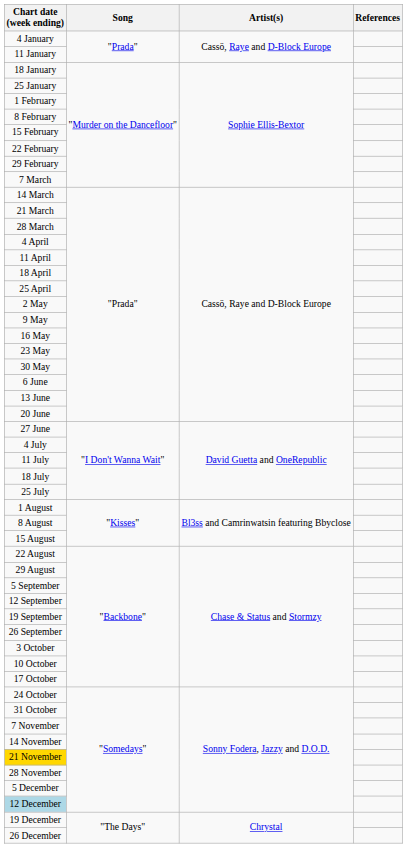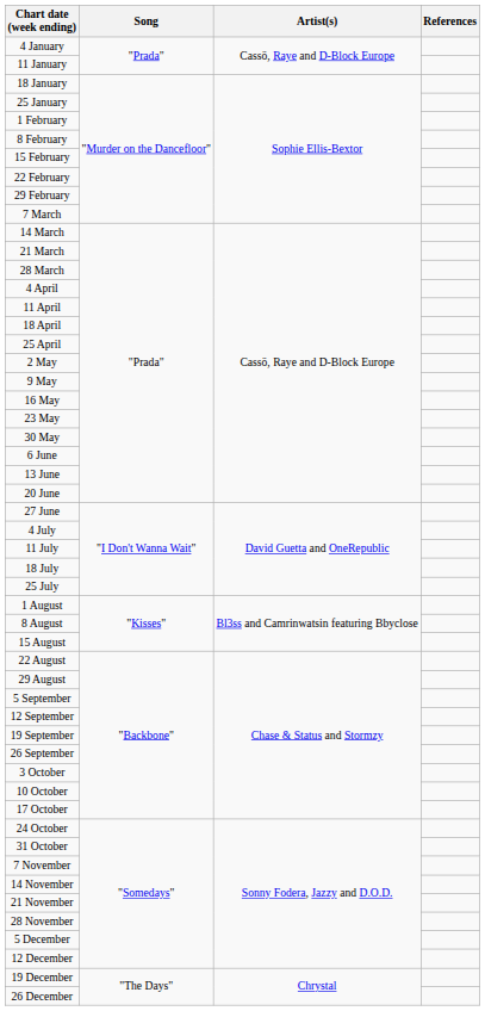 <table class="wikitable" style="font-size:97%; text-align:center;">
 <tr>
 <th>Chart date<br>(week ending)</th>
 <th>Song</th>
 <th>Artist(s)</th>
 <th>References</th>
 </tr>
 <tr>
 <td>4 January</td>
 <td rowspan=2>"<a href='#'>Prada</a>"</td>
 <td rowspan=2>Cassö, <a href='#'>Raye</a> and <a href='#'>D-Block Europe</a></td>
 <td></td>
 </tr>
 <tr>
 <td>11 January</td>
 <td></td>
 </tr>
 <tr>
 <td>18 January</td>
 <td rowspan=8>"<a href='#'>Murder on the Dancefloor</a>"</td>
 <td rowspan=8><a href='#'>Sophie Ellis-Bextor</a></td>
 <td></td>
 </tr>
 <tr>
 <td>25 January</td>
 <td></td>
 </tr>
 <tr>
 <td>1 February</td>
 <td></td>
 </tr>
 <tr>
 <td>8 February</td>
 <td></td>
 </tr>
 <tr>
 <td>15 February</td>
 <td></td>
 </tr>
 <tr>
 <td>22 February</td>
 <td></td>
 </tr>
 <tr>
 <td>29 February</td>
 <td></td>
 </tr>
 <tr>
 <td>7 March</td>
 <td></td>
 </tr>
 <tr>
 <td>14 March</td>
 <td rowspan=15>"Prada"</td>
 <td rowspan=15>Cassö, Raye and D-Block Europe</td>
 <td></td>
 </tr>
 <tr>
 <td>21 March</td>
 <td></td>
 </tr>
 <tr>
 <td>28 March</td>
 <td></td>
 </tr>
 <tr>
 <td>4 April</td>
 <td></td>
 </tr>
 <tr>
 <td>11 April</td>
 <td></td>
 </tr>
 <tr>
 <td>18 April</td>
 <td></td>
 </tr>
 <tr>
 <td>25 April</td>
 <td></td>
 </tr>
 <tr>
 <td>2 May</td>
 <td></td>
 </tr>
 <tr>
 <td>9 May</td>
 <td></td>
 </tr>
 <tr>
 <td>16 May</td>
 <td></td>
 </tr>
 <tr>
 <td>23 May</td>
 <td></td>
 </tr>
 <tr>
 <td>30 May</td>
 <td></td>
 </tr>
 <tr>
 <td>6 June</td>
 <td></td>
 </tr>
 <tr>
 <td>13 June</td>
 <td></td>
 </tr>
 <tr>
 <td>20 June</td>
 <td></td>
 </tr>
 <tr>
 <td>27 June</td>
 <td rowspan=5>"<a href='#'>I Don't Wanna Wait</a>"</td>
 <td rowspan=5><a href='#'>David Guetta</a> and <a href='#'>OneRepublic</a></td>
 <td></td>
 </tr>
 <tr>
 <td>4 July</td>
 <td></td>
 </tr>
 <tr>
 <td>11 July</td>
 <td></td>
 </tr>
 <tr>
 <td>18 July</td>
 <td></td>
 </tr>
 <tr>
 <td>25 July</td>
 <td></td>
 </tr>
 <tr>
 <td>1 August</td>
 <td rowspan=3>"<a href='#'>Kisses</a>"</td>
 <td rowspan=3><a href='#'>Bl3ss</a> and Camrinwatsin featuring Bbyclose</td>
 <td></td>
 </tr>
 <tr>
 <td>8 August</td>
 <td></td>
 </tr>
 <tr>
 <td>15 August</td>
 <td></td>
 </tr>
 <tr>
 <td>22 August </td>
 <td rowspan=9>"<a href='#'>Backbone</a>"</td>
 <td rowspan=9><a href='#'>Chase & Status</a> and <a href='#'>Stormzy</a></td>
 <td></td>
 </tr>
 <tr>
 <td>29 August </td>
 <td></td>
 </tr>
 <tr>
 <td>5 September</td>
 <td></td>
 </tr>
 <tr>
 <td>12 September</td>
 <td></td>
 </tr>
 <tr>
 <td>19 September</td>
 <td></td>
 </tr>
 <tr>
 <td>26 September</td>
 <td></td>
 </tr>
 <tr>
 <td>3 October</td>
 <td></td>
 </tr>
 <tr>
 <td>10 October</td>
 <td></td>
 </tr>
 <tr>
 <td>17 October</td>
 <td></td>
 </tr>
 <tr>
 <td>24 October</td>
 <td rowspan=8>"<a href='#'>Somedays</a>"</td>
 <td rowspan=8><a href='#'>Sonny Fodera</a>, <a href='#'>Jazzy</a> and <a href='#'>D.O.D.</a></td>
 <td></td>
 </tr>
 <tr>
 <td>31 October</td>
 <td></td>
 </tr>
 <tr>
 <td>7 November</td>
 <td></td>
 </tr>
 <tr>
 <td>14 November</td>
 <td></td>
 </tr>
 <tr>
-<td style="background: gold;">21 November</td>
+<td>21 November</td>
 <td></td>
 </tr>
 <tr>
 <td>28 November</td>
 <td></td>
 </tr>
 <tr>
 <td>5 December</td>
 <td></td>
 </tr>
 <tr>
-<td style="background: lightblue;">12 December</td>
+<td>12 December</td>
 <td></td>
 </tr>
 <tr>
 <td>19 December</td>
 <td rowspan=2>"The Days"</td>
 <td rowspan=2><a href='#'>Chrystal</a></td>
 <td></td>
 </tr>
 <tr>
 <td>26 December</td>
 <td></td>
 </tr>
 </table>
